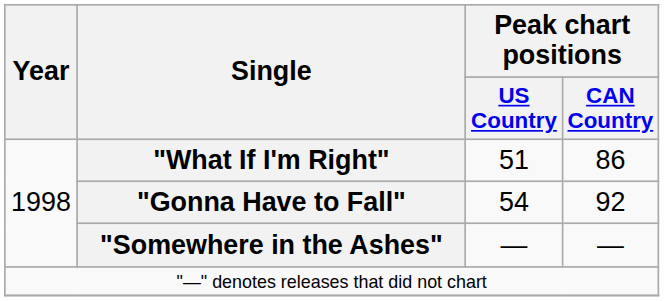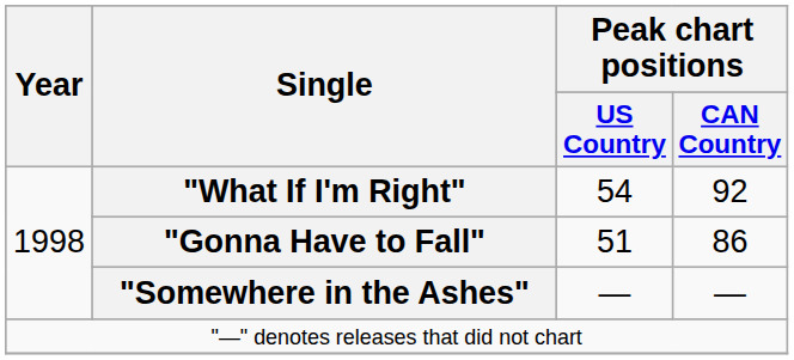 <table class="wikitable plainrowheaders" style="text-align:center;">
 <tr>
 <th rowspan="2">Year</th>
 <th rowspan="2" style="width:14em;">Single</th>
 <th colspan="2">Peak chart<br>positions</th>
 </tr>
 <tr style="font-size:smaller;">
 <th width="45"><a href='#'>US Country</a></th>
 <th width="45"><a href='#'>CAN Country</a></th>
 </tr>
 <tr>
 <td rowspan="3">1998</td>
 <th scope="row">"What If I'm Right"</th>
-<td>51</td>
-<td>86</td>
+<td>54</td>
+<td>92</td>
 </tr>
 <tr>
 <th scope="row">"Gonna Have to Fall"</th>
-<td>54</td>
-<td>92</td>
+<td>51</td>
+<td>86</td>
 </tr>
 <tr>
 <th scope="row">"Somewhere in the Ashes"</th>
 <td>—</td>
 <td>—</td>
 </tr>
 <tr>
 <td colspan="4" style="font-size:8pt">"—" denotes releases that did not chart</td>
 </tr>
 <tr>
 </tr>
 </table>
